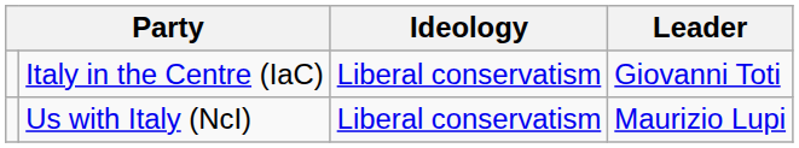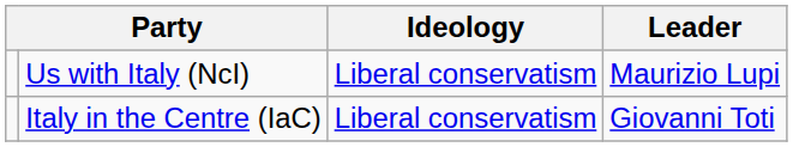 <table class=wikitable  style=text-align:left>
 <tr>
 <th colspan=2>Party</th>
 <th>Ideology</th>
 <th>Leader</th>
 </tr>
 <tr>
 <td></td>
+<td><a href='#'>Us with Italy</a> (NcI)</td>
+<td><a href='#'>Liberal conservatism</a></td>
+<td><a href='#'>Maurizio Lupi</a></td>
+</tr>
+<tr>
+<td></td>
 <td><a href='#'>Italy in the Centre</a> (IaC)</td>
 <td><a href='#'>Liberal conservatism</a></td>
 <td><a href='#'>Giovanni Toti</a></td>
 </tr>
-<tr>
-<td></td>
-<td><a href='#'>Us with Italy</a> (NcI)</td>
-<td><a href='#'>Liberal conservatism</a></td>
-<td><a href='#'>Maurizio Lupi</a></td>
-</tr>
 </table>
